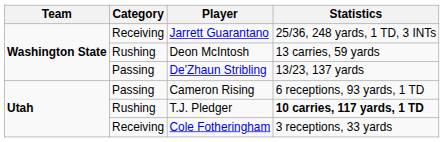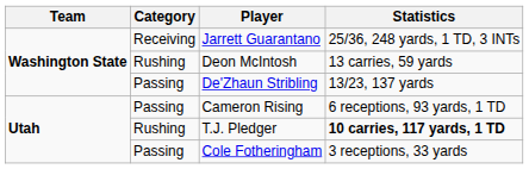 <table class="wikitable" style="float: left;">
 <tr>
 <th>Team</th>
 <th>Category</th>
 <th>Player</th>
 <th>Statistics</th>
 </tr>
 <tr>
 <td rowspan=3><strong>Washington State</strong></td>
 <td>Receiving</td>
 <td><a href='#'>Jarrett Guarantano</a></td>
 <td>25/36, 248 yards, 1 TD, 3 INTs</td>
 </tr>
 <tr>
 <td>Rushing</td>
 <td>Deon McIntosh</td>
 <td>13 carries, 59 yards</td>
 </tr>
 <tr>
 <td>Passing</td>
 <td><a href='#'>De'Zhaun Stribling</a></td>
 <td>13/23, 137 yards</td>
 </tr>
 <tr>
 <td rowspan=3><strong>Utah</strong></td>
 <td>Passing</td>
 <td>Cameron Rising</td>
 <td>6 receptions, 93 yards, 1 TD</td>
 </tr>
 <tr>
 <td>Rushing</td>
 <td>T.J. Pledger</td>
 <td><strong>10 carries, 117 yards, 1 TD</strong></td>
 </tr>
 <tr>
-<td>Receiving</td>
+<td>Passing</td>
 <td><a href='#'>Cole Fotheringham</a></td>
 <td>3 receptions, 33 yards</td>
 </tr>
 </table>
